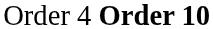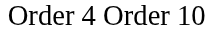 <table align="center">
 <tr>
 <td></td>
 <td></td>
 </tr>
 <tr>
 <td align="center">Order 4</td>
-<td align="center"><strong>Order 10</strong></td>
+<td align="center">Order 10</td>
 </tr>
 </table>
